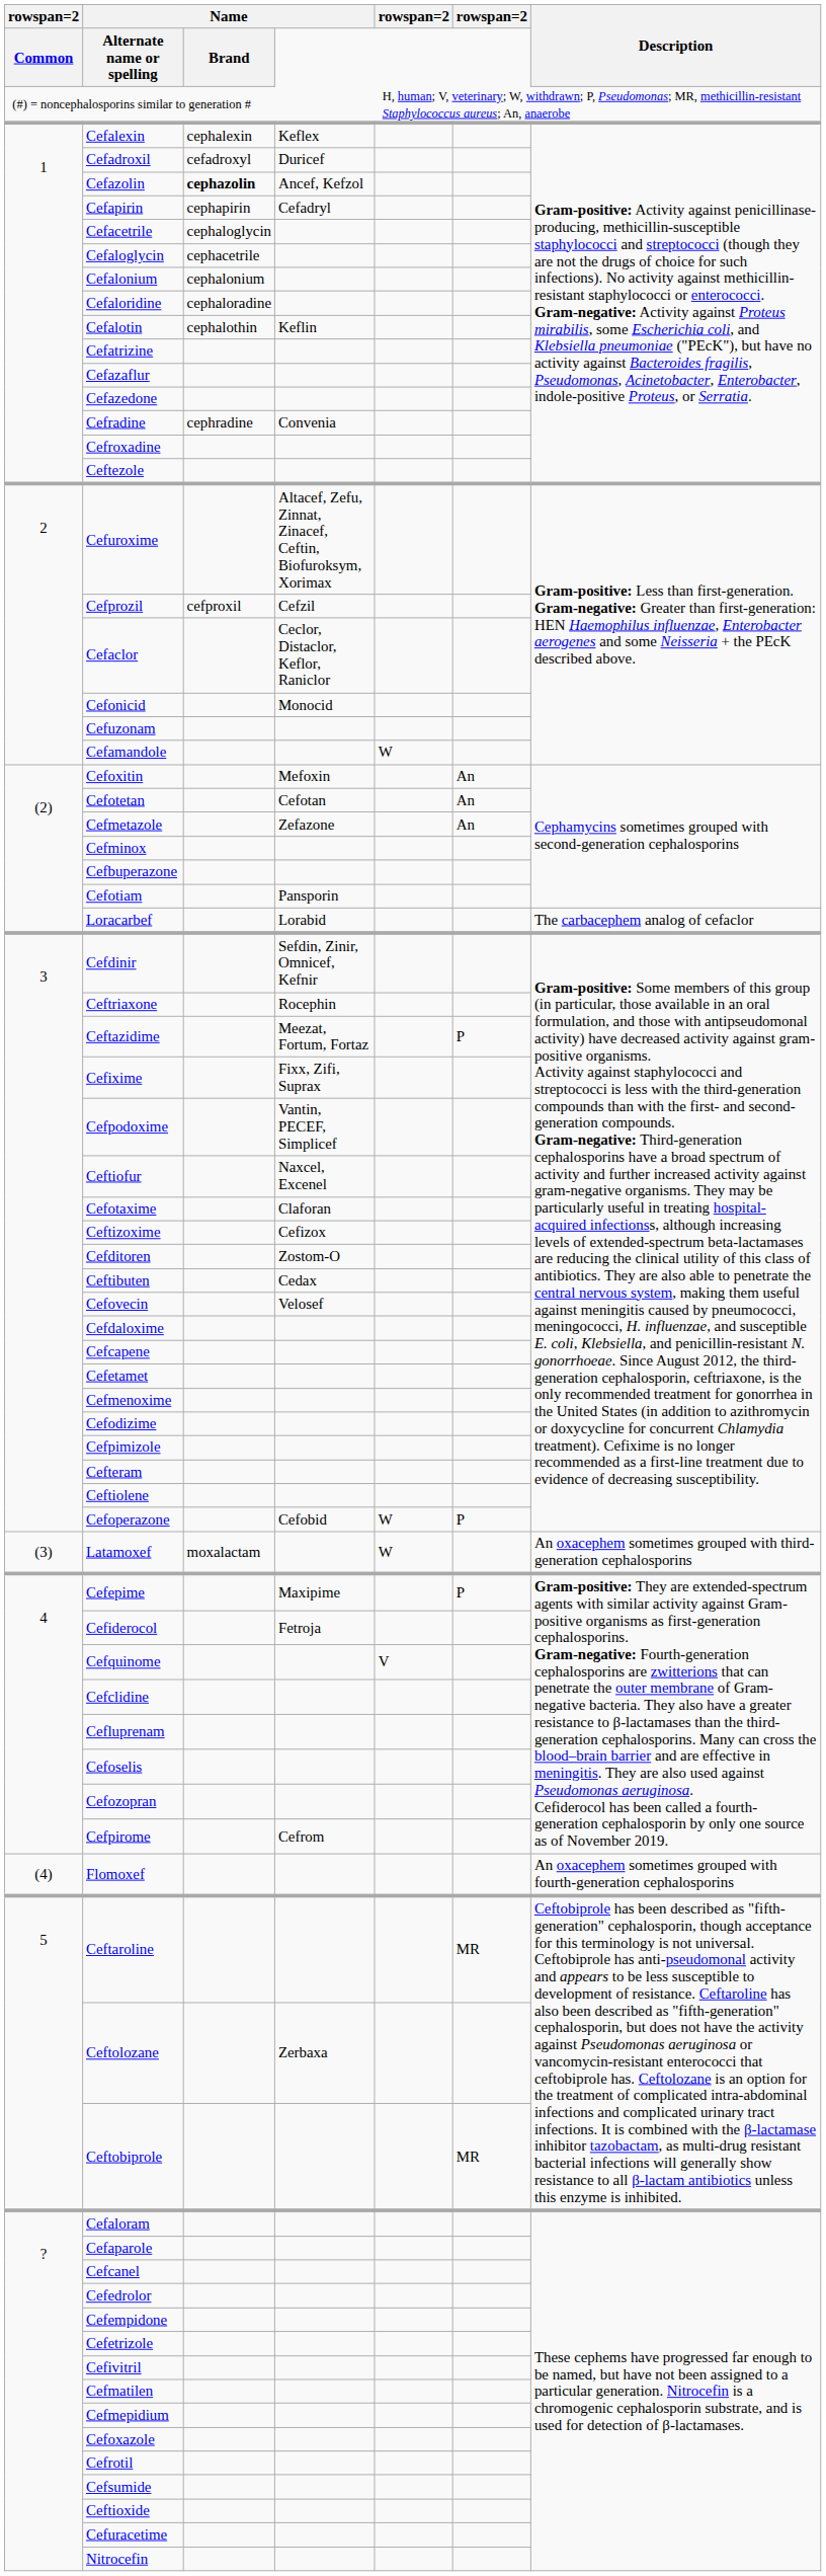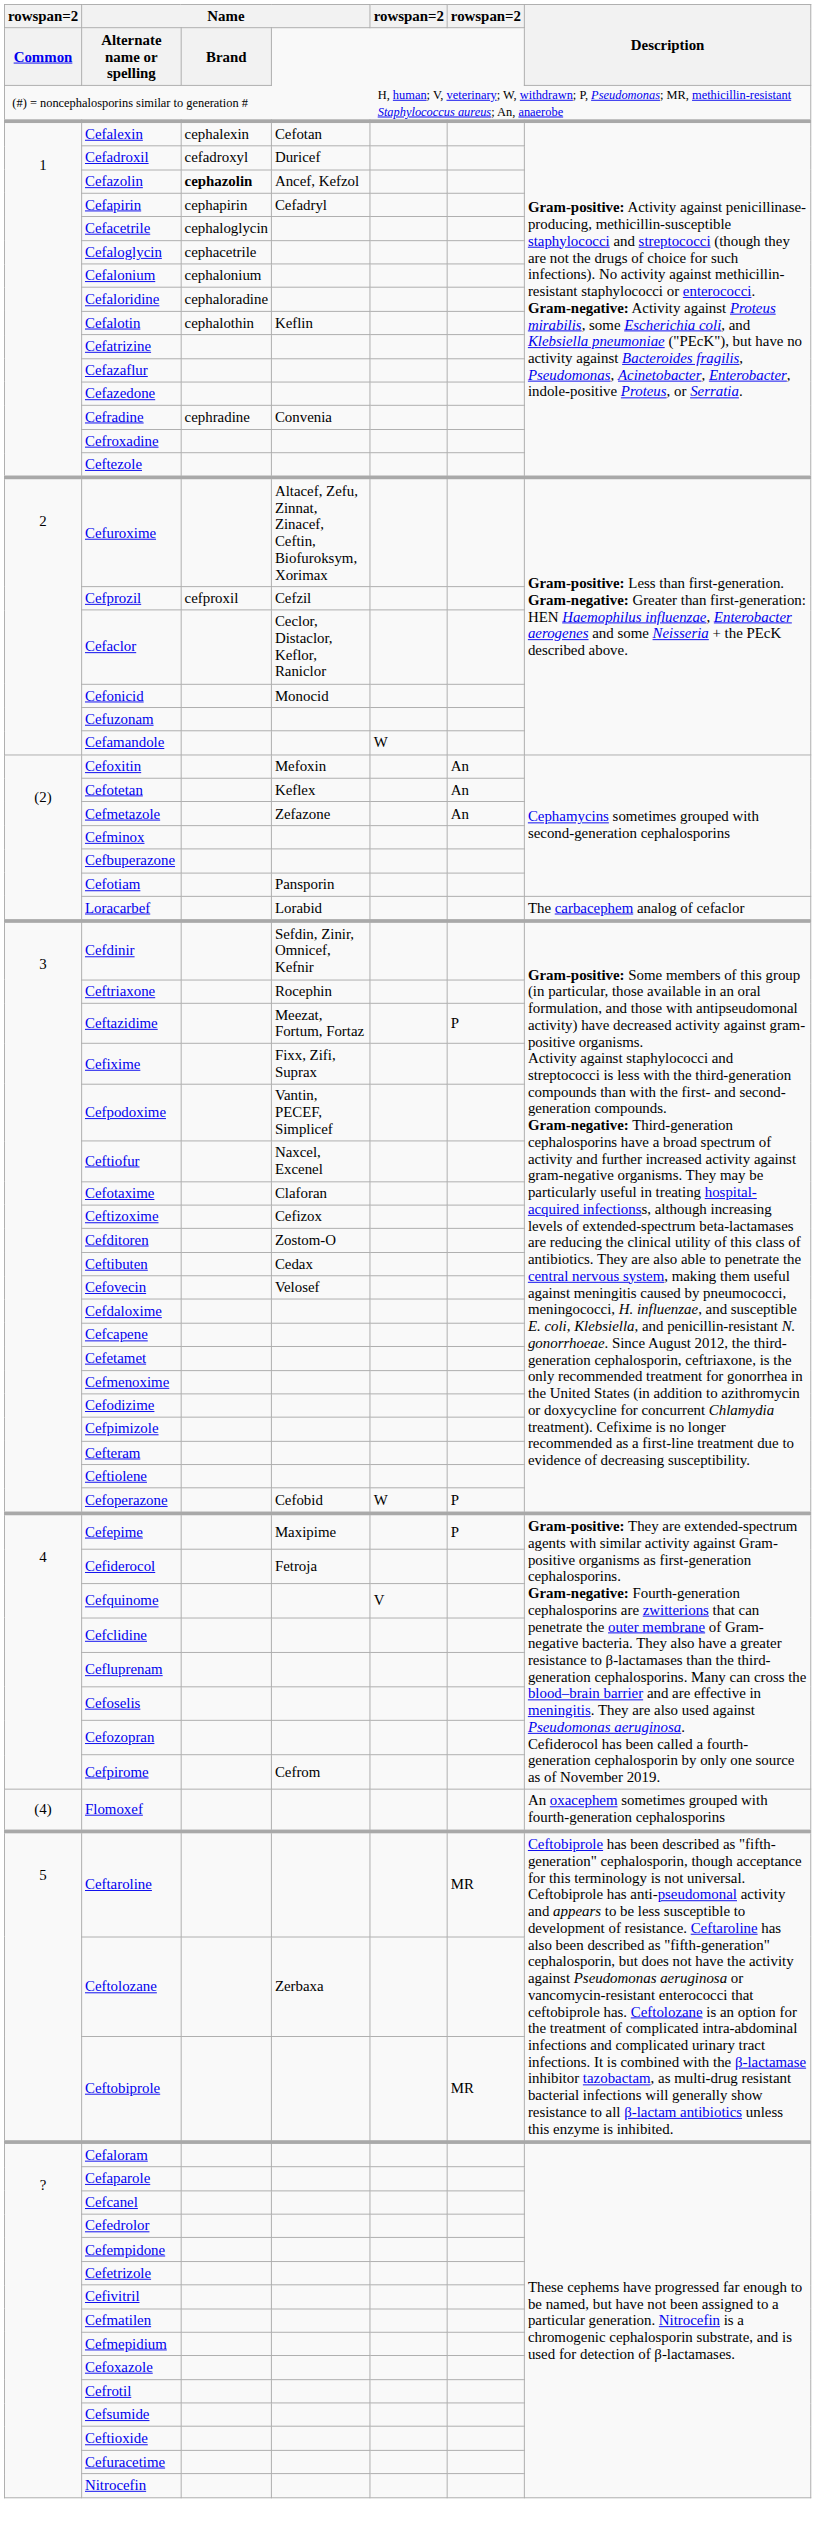 <table class="wikitable">
 <tr>
 <th>rowspan=2 </th>
 <th colspan=3>Name</th>
 <th>rowspan=2 </th>
 <th>rowspan=2 </th>
 <th rowspan=2>Description</th>
 </tr>
 <tr>
 <th><a href='#'>Common</a></th>
 <th>Alternate name or spelling</th>
 <th>Brand</th>
 </tr>
 <tr>
 <td colspan = "4" style='border-style: none none none none; padding: 0em 0.5em;'><small>(#) = noncephalosporins similar to generation #</small></td>
 <td colspan = "3" style='border-style: none none none none; padding: 0em 0.5em;'><small>H, <a href='#'>human</a>; V, <a href='#'>veterinary</a>; W, <a href='#'>withdrawn</a>; P, <em><a href='#'>Pseudomonas</a></em>; MR, <a href='#'>methicillin-resistant <em>Staphylococcus aureus</em></a>; An, <a href='#'>anaerobe</a></small></td>
 </tr>
 <tr style = "border-top: 4px solid darkgray;">
 <td rowspan="15" style="vertical-align: top; text-align: center; padding: 2.25em 0.5em;">1</td>
 <td><a href='#'>Cefalexin</a></td>
 <td>cephalexin</td>
-<td>Keflex</td>
+<td>Cefotan</td>
 <td> </td>
 <td></td>
 <td rowspan="15"><strong>Gram-positive:</strong> Activity against penicillinase-producing, methicillin-susceptible <a href='#'>staphylococci</a> and <a href='#'>streptococci</a> (though they are not the drugs of choice for such infections). No activity against methicillin-resistant staphylococci or <a href='#'>enterococci</a>.<br><strong>Gram-negative:</strong> Activity against <em><a href='#'>Proteus mirabilis</a></em>, some <em><a href='#'>Escherichia coli</a></em>, and <em><a href='#'>Klebsiella pneumoniae</a></em> ("PEcK"), but have no activity against <em><a href='#'>Bacteroides fragilis</a></em>, <em><a href='#'>Pseudomonas</a></em>, <em><a href='#'>Acinetobacter</a></em>, <em><a href='#'>Enterobacter</a></em>, indole-positive <em><a href='#'>Proteus</a></em>, or <em><a href='#'>Serratia</a></em>.</td>
 </tr>
 <tr>
 <td><a href='#'>Cefadroxil</a></td>
 <td>cefadroxyl</td>
 <td>Duricef</td>
 <td></td>
 <td></td>
 </tr>
 <tr>
 <td><a href='#'>Cefazolin</a></td>
 <td><strong>cephazolin</strong></td>
 <td>Ancef, Kefzol</td>
 <td></td>
 <td></td>
 </tr>
 <tr>
 <td><a href='#'>Cefapirin</a></td>
 <td>cephapirin</td>
 <td>Cefadryl</td>
 <td></td>
 <td></td>
 </tr>
 <tr>
 <td><a href='#'>Cefacetrile</a></td>
 <td>cephaloglycin</td>
 <td></td>
 <td></td>
 <td></td>
 </tr>
 <tr>
 <td><a href='#'>Cefaloglycin</a></td>
 <td>cephacetrile</td>
 <td></td>
 <td></td>
 <td></td>
 </tr>
 <tr>
 <td><a href='#'>Cefalonium</a></td>
 <td>cephalonium</td>
 <td></td>
 <td></td>
 <td></td>
 </tr>
 <tr>
 <td><a href='#'>Cefaloridine</a></td>
 <td>cephaloradine</td>
 <td></td>
 <td></td>
 <td></td>
 </tr>
 <tr>
 <td><a href='#'>Cefalotin</a></td>
 <td>cephalothin</td>
 <td>Keflin</td>
 <td></td>
 <td></td>
 </tr>
 <tr>
 <td><a href='#'>Cefatrizine</a></td>
 <td></td>
 <td></td>
 <td></td>
 <td></td>
 </tr>
 <tr>
 <td><a href='#'>Cefazaflur</a></td>
 <td></td>
 <td></td>
 <td></td>
 <td></td>
 </tr>
 <tr>
 <td><a href='#'>Cefazedone</a></td>
 <td></td>
 <td></td>
 <td></td>
 <td></td>
 </tr>
 <tr>
 <td><a href='#'>Cefradine</a></td>
 <td>cephradine</td>
 <td>Convenia</td>
 <td></td>
 <td></td>
 </tr>
 <tr>
 <td><a href='#'>Cefroxadine</a></td>
 <td></td>
 <td></td>
 <td></td>
 <td></td>
 </tr>
 <tr>
 <td><a href='#'>Ceftezole</a></td>
 <td></td>
 <td></td>
 <td></td>
 <td></td>
 </tr>
 <tr style = "border-top: 4px solid darkgray;">
 <td rowspan="6" style="vertical-align: top; text-align: center; padding: 2.25em 0.5em;">2</td>
 <td><a href='#'>Cefuroxime</a></td>
 <td></td>
 <td>Altacef, Zefu, Zinnat, Zinacef, Ceftin, Biofuroksym, Xorimax</td>
 <td></td>
 <td></td>
 <td rowspan = "6"><strong>Gram-positive:</strong> Less than first-generation.<br><strong>Gram-negative:</strong> Greater than first-generation: HEN <em><a href='#'>Haemophilus influenzae</a></em>, <em><a href='#'>Enterobacter aerogenes</a></em> and some <em><a href='#'>Neisseria</a></em> + the PEcK described above.</td>
 </tr>
 <tr>
 <td><a href='#'>Cefprozil</a></td>
 <td>cefproxil</td>
 <td>Cefzil</td>
 <td></td>
 <td></td>
 </tr>
 <tr>
 <td><a href='#'>Cefaclor</a></td>
 <td></td>
 <td>Ceclor, Distaclor, Keflor, Raniclor</td>
 <td></td>
 <td></td>
 </tr>
 <tr>
 <td><a href='#'>Cefonicid</a></td>
 <td></td>
 <td>Monocid</td>
 <td></td>
 <td></td>
 </tr>
 <tr>
 <td><a href='#'>Cefuzonam</a></td>
 <td></td>
 <td></td>
 <td></td>
 <td></td>
 </tr>
 <tr>
 <td><a href='#'>Cefamandole</a></td>
 <td></td>
 <td></td>
 <td>W</td>
 <td></td>
 </tr>
 <tr>
 <td rowspan="7" style="vertical-align: top; text-align: center; padding: 2.25em 0.5em;">(2)</td>
 <td><a href='#'>Cefoxitin</a></td>
 <td></td>
 <td>Mefoxin</td>
 <td></td>
 <td>An</td>
 <td rowspan="6"><a href='#'>Cephamycins</a> sometimes grouped with second-generation cephalosporins</td>
 </tr>
 <tr>
 <td><a href='#'>Cefotetan</a></td>
 <td></td>
-<td>Cefotan</td>
+<td>Keflex</td>
 <td></td>
 <td>An</td>
 </tr>
 <tr>
 <td><a href='#'>Cefmetazole</a></td>
 <td></td>
 <td>Zefazone</td>
 <td></td>
 <td>An</td>
 </tr>
 <tr>
 <td><a href='#'>Cefminox</a></td>
 <td></td>
 <td></td>
 <td></td>
 <td></td>
 </tr>
 <tr>
 <td><a href='#'>Cefbuperazone</a></td>
 <td></td>
 <td></td>
 <td></td>
 <td></td>
 </tr>
 <tr>
 <td><a href='#'>Cefotiam</a></td>
 <td></td>
 <td>Pansporin</td>
 <td></td>
 <td></td>
 </tr>
 <tr>
 <td><a href='#'>Loracarbef</a></td>
 <td></td>
 <td>Lorabid</td>
 <td></td>
 <td></td>
 <td>The <a href='#'>carbacephem</a> analog of cefaclor</td>
 </tr>
 <tr style = "border-top: 4px solid darkgray;">
 <td rowspan="20" style="vertical-align: top; text-align: center; padding: 2.25em 0.5em;">3</td>
 <td><a href='#'>Cefdinir</a></td>
 <td></td>
 <td>Sefdin, Zinir, Omnicef, Kefnir</td>
 <td></td>
 <td></td>
 <td rowspan="20"><strong>Gram-positive:</strong> Some members of this group (in particular, those available in an oral formulation, and those with antipseudomonal activity) have decreased activity against gram-positive organisms.<br>Activity against staphylococci and streptococci is less with the third-generation compounds than with the first- and second-generation compounds.<br><strong>Gram-negative:</strong> Third-generation cephalosporins have a broad spectrum of activity and further increased activity against gram-negative organisms. They may be particularly useful in treating <a href='#'>hospital-acquired infections</a>s, although increasing levels of extended-spectrum beta-lactamases are reducing the clinical utility of this class of antibiotics.  They are also able to penetrate the <a href='#'>central nervous system</a>, making them useful against meningitis caused by pneumococci, meningococci, <em>H. influenzae</em>, and susceptible <em>E. coli</em>, <em>Klebsiella</em>, and penicillin-resistant <em>N. gonorrhoeae</em>. Since August 2012, the third-generation cephalosporin, ceftriaxone, is the only recommended treatment for gonorrhea in the United States (in addition to azithromycin or doxycycline for concurrent <em>Chlamydia</em> treatment).  Cefixime is no longer recommended as a first-line treatment due to evidence of decreasing susceptibility.</td>
 </tr>
 <tr>
 <td><a href='#'>Ceftriaxone</a></td>
 <td></td>
 <td>Rocephin</td>
 <td></td>
 <td></td>
 </tr>
 <tr>
 <td><a href='#'>Ceftazidime</a></td>
 <td></td>
 <td>Meezat, Fortum, Fortaz</td>
 <td></td>
 <td>P</td>
 </tr>
 <tr>
 <td><a href='#'>Cefixime</a></td>
 <td></td>
 <td>Fixx, Zifi, Suprax</td>
 <td></td>
 <td></td>
 </tr>
 <tr>
 <td><a href='#'>Cefpodoxime</a></td>
 <td></td>
 <td>Vantin, PECEF, Simplicef</td>
 <td> </td>
 <td></td>
 </tr>
 <tr>
 <td><a href='#'>Ceftiofur</a></td>
 <td></td>
 <td>Naxcel, Excenel</td>
 <td> </td>
 <td></td>
 </tr>
 <tr>
 <td><a href='#'>Cefotaxime</a></td>
 <td></td>
 <td>Claforan</td>
 <td></td>
 <td></td>
 </tr>
 <tr>
 <td><a href='#'>Ceftizoxime</a></td>
 <td></td>
 <td>Cefizox</td>
 <td></td>
 <td></td>
 </tr>
 <tr>
 <td><a href='#'>Cefditoren</a></td>
 <td></td>
 <td>Zostom-O</td>
 <td></td>
 <td></td>
 </tr>
 <tr>
 <td><a href='#'>Ceftibuten</a></td>
 <td></td>
 <td>Cedax</td>
 <td></td>
 <td></td>
 </tr>
 <tr>
 <td><a href='#'>Cefovecin</a></td>
 <td></td>
 <td>Velosef</td>
 <td></td>
 <td></td>
 </tr>
 <tr>
 <td><a href='#'>Cefdaloxime</a></td>
 <td></td>
 <td></td>
 <td></td>
 <td></td>
 </tr>
 <tr>
 <td><a href='#'>Cefcapene</a></td>
 <td></td>
 <td></td>
 <td></td>
 <td></td>
 </tr>
 <tr>
 <td><a href='#'>Cefetamet</a></td>
 <td></td>
 <td></td>
 <td></td>
 <td></td>
 </tr>
 <tr>
 <td><a href='#'>Cefmenoxime</a></td>
 <td></td>
 <td></td>
 <td></td>
 <td></td>
 </tr>
 <tr>
 <td><a href='#'>Cefodizime</a></td>
 <td></td>
 <td></td>
 <td></td>
 <td></td>
 </tr>
 <tr>
 <td><a href='#'>Cefpimizole</a></td>
 <td></td>
 <td></td>
 <td></td>
 <td></td>
 </tr>
 <tr>
 <td><a href='#'>Cefteram</a></td>
 <td></td>
 <td></td>
 <td></td>
 <td></td>
 </tr>
 <tr>
 <td><a href='#'>Ceftiolene</a></td>
 <td></td>
 <td></td>
 <td></td>
 <td></td>
 </tr>
 <tr>
 <td><a href='#'>Cefoperazone</a></td>
 <td></td>
 <td>Cefobid</td>
 <td>W</td>
 <td>P</td>
-</tr>
-<tr>
-<td style="text-align: center;">(3)</td>
-<td><a href='#'>Latamoxef</a></td>
-<td>moxalactam</td>
-<td></td>
-<td>W</td>
-<td></td>
-<td>An <a href='#'>oxacephem</a> sometimes grouped with third-generation cephalosporins</td>
 </tr>
 <tr style = "border-top: 4px solid darkgray;">
 <td rowspan = "8" style="vertical-align: top; text-align: center; padding: 2.25em 0.5em;">4</td>
 <td><a href='#'>Cefepime</a></td>
 <td></td>
 <td>Maxipime</td>
 <td></td>
 <td>P</td>
 <td rowspan = "8"><strong>Gram-positive:</strong> They are extended-spectrum agents with similar activity against Gram-positive organisms as first-generation cephalosporins.<br><strong>Gram-negative:</strong> Fourth-generation cephalosporins are <a href='#'>zwitterions</a> that can penetrate the <a href='#'>outer membrane</a> of Gram-negative bacteria. They also have a greater resistance to β-lactamases than the third-generation cephalosporins. Many can cross the <a href='#'>blood–brain barrier</a> and are effective in <a href='#'>meningitis</a>.  They are also used against <em><a href='#'>Pseudomonas aeruginosa</a></em>.<br>Cefiderocol has been called a fourth-generation cephalosporin by only one source as of November 2019.</td>
 </tr>
 <tr>
 <td><a href='#'>Cefiderocol</a></td>
 <td></td>
 <td>Fetroja</td>
 <td></td>
 <td></td>
 </tr>
 <tr>
 <td><a href='#'>Cefquinome</a></td>
 <td></td>
 <td></td>
 <td>V</td>
 </tr>
 <tr>
 <td><a href='#'>Cefclidine</a></td>
 <td></td>
 <td></td>
 <td></td>
 <td></td>
 </tr>
 <tr>
 <td><a href='#'>Cefluprenam</a></td>
 <td></td>
 <td></td>
 <td></td>
 <td></td>
 </tr>
 <tr>
 <td><a href='#'>Cefoselis</a></td>
 <td></td>
 <td></td>
 <td></td>
 <td></td>
 </tr>
 <tr>
 <td><a href='#'>Cefozopran</a></td>
 <td></td>
 <td></td>
 <td></td>
 <td></td>
 </tr>
 <tr>
 <td><a href='#'>Cefpirome</a></td>
 <td></td>
 <td>Cefrom</td>
 <td></td>
 <td></td>
 </tr>
 <tr>
 <td style="text-align: center;">(4)</td>
 <td><a href='#'>Flomoxef</a></td>
 <td></td>
 <td></td>
 <td></td>
 <td></td>
 <td>An <a href='#'>oxacephem</a> sometimes grouped with fourth-generation cephalosporins</td>
 </tr>
 <tr style = "border-top: 4px solid darkgray;">
 <td rowspan = "3" style="vertical-align: top; text-align: center; padding: 2.25em 0.5em;">5</td>
 <td><a href='#'>Ceftaroline</a></td>
 <td></td>
 <td></td>
 <td></td>
 <td>MR</td>
 <td rowspan = "3"><a href='#'>Ceftobiprole</a> has been described as "fifth-generation" cephalosporin, though acceptance for this terminology is not universal. Ceftobiprole has anti-<a href='#'>pseudomonal</a> activity and <em>appears</em> to be less susceptible to development of resistance. <a href='#'>Ceftaroline</a> has also been described as "fifth-generation" cephalosporin, but does not have the activity against <em>Pseudomonas aeruginosa</em> or vancomycin-resistant enterococci that ceftobiprole has. <a href='#'>Ceftolozane</a> is an option for the treatment of complicated intra-abdominal infections and complicated urinary tract infections. It is combined with the <a href='#'>β-lactamase</a> inhibitor <a href='#'>tazobactam</a>, as multi-drug resistant bacterial infections will generally show resistance to all <a href='#'>β-lactam antibiotics</a> unless this enzyme is inhibited.</td>
 </tr>
 <tr>
 <td><a href='#'>Ceftolozane</a></td>
 <td></td>
 <td>Zerbaxa</td>
 <td></td>
 <td></td>
 </tr>
 <tr>
 <td><a href='#'>Ceftobiprole</a></td>
 <td></td>
 <td></td>
 <td></td>
 <td>MR</td>
 </tr>
 <tr style = "border-top: 4px solid darkgray;">
 <td rowspan ="15" "3" style="vertical-align: top; text-align: center; padding: 2.25em 0.5em;">?</td>
 <td><a href='#'>Cefaloram</a></td>
 <td></td>
 <td></td>
 <td></td>
 <td></td>
 <td rowspan ="15">These cephems have progressed far enough to be named, but have not been assigned to a particular generation. <a href='#'>Nitrocefin</a> is a chromogenic cephalosporin substrate, and is used for detection of β-lactamases.</td>
 </tr>
 <tr>
 <td><a href='#'>Cefaparole</a></td>
 <td></td>
 <td></td>
 <td></td>
 <td></td>
 </tr>
 <tr>
 <td><a href='#'>Cefcanel</a></td>
 <td></td>
 <td></td>
 <td></td>
 <td></td>
 </tr>
 <tr>
 <td><a href='#'>Cefedrolor</a></td>
 <td></td>
 <td></td>
 <td></td>
 <td></td>
 </tr>
 <tr>
 <td><a href='#'>Cefempidone</a></td>
 <td></td>
 <td></td>
 <td></td>
 <td></td>
 </tr>
 <tr>
 <td><a href='#'>Cefetrizole</a></td>
 <td></td>
 <td></td>
 <td></td>
 <td></td>
 </tr>
 <tr>
 <td><a href='#'>Cefivitril</a></td>
 <td></td>
 <td></td>
 <td></td>
 <td></td>
 </tr>
 <tr>
 <td><a href='#'>Cefmatilen</a></td>
 <td></td>
 <td></td>
 <td></td>
 <td></td>
 </tr>
 <tr>
 <td><a href='#'>Cefmepidium</a></td>
 <td></td>
 <td></td>
 <td></td>
 <td></td>
 </tr>
 <tr>
 <td><a href='#'>Cefoxazole</a></td>
 <td></td>
 <td></td>
 <td></td>
 <td></td>
 </tr>
 <tr>
 <td><a href='#'>Cefrotil</a></td>
 <td></td>
 <td></td>
 <td></td>
 <td></td>
 </tr>
 <tr>
 <td><a href='#'>Cefsumide</a></td>
 <td></td>
 <td></td>
 <td></td>
 <td></td>
 </tr>
 <tr>
 <td><a href='#'>Ceftioxide</a></td>
 <td></td>
 <td></td>
 <td></td>
 <td></td>
 </tr>
 <tr>
 <td><a href='#'>Cefuracetime</a></td>
 <td></td>
 <td></td>
 <td></td>
 <td></td>
 </tr>
 <tr>
 <td><a href='#'>Nitrocefin</a></td>
 <td></td>
 <td></td>
 <td></td>
 <td></td>
 </tr>
 </table>
